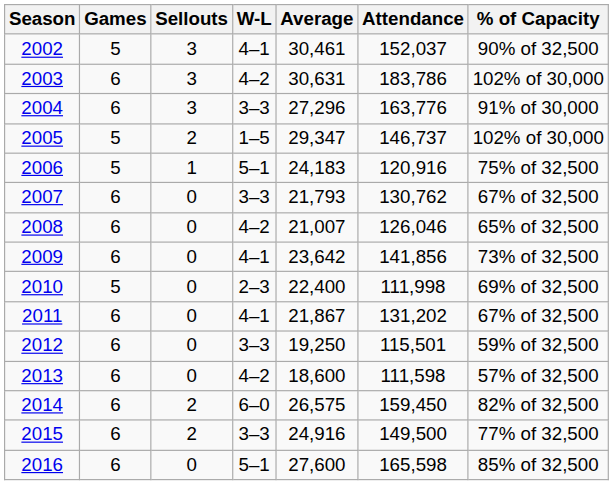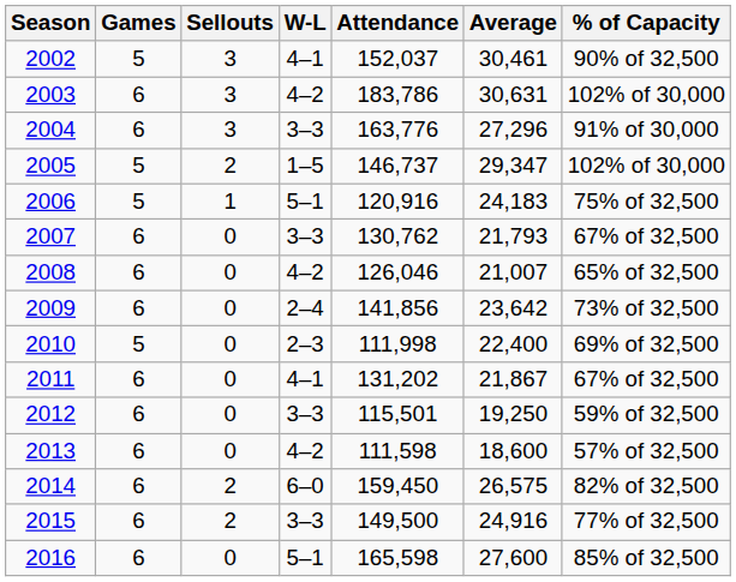 <table class="sortable wikitable" style="text-align:center">
 <tr>
 <th>Season</th>
 <th>Games</th>
 <th>Sellouts</th>
 <th>W-L</th>
+<th>Attendance</th>
 <th>Average</th>
-<th>Attendance</th>
 <th>% of Capacity</th>
 </tr>
 <tr>
 <td><a href='#'>2002</a></td>
 <td>5</td>
 <td>3</td>
 <td>4–1</td>
+<td>152,037</td>
 <td>30,461</td>
-<td>152,037</td>
 <td>90% of 32,500</td>
 </tr>
 <tr>
 <td><a href='#'>2003</a></td>
 <td>6</td>
 <td>3</td>
 <td>4–2</td>
+<td>183,786</td>
 <td>30,631</td>
-<td>183,786</td>
 <td>102% of 30,000</td>
 </tr>
 <tr>
 <td><a href='#'>2004</a></td>
 <td>6</td>
 <td>3</td>
 <td>3–3</td>
+<td>163,776</td>
 <td>27,296</td>
-<td>163,776</td>
 <td>91% of 30,000</td>
 </tr>
 <tr>
 <td><a href='#'>2005</a></td>
 <td>5</td>
 <td>2</td>
 <td>1–5</td>
+<td>146,737</td>
 <td>29,347</td>
-<td>146,737</td>
 <td>102% of 30,000</td>
 </tr>
 <tr>
 <td><a href='#'>2006</a></td>
 <td>5</td>
 <td>1</td>
 <td>5–1</td>
+<td>120,916</td>
 <td>24,183</td>
-<td>120,916</td>
 <td>75% of 32,500</td>
 </tr>
 <tr>
 <td><a href='#'>2007</a></td>
 <td>6</td>
 <td>0</td>
 <td>3–3</td>
+<td>130,762</td>
 <td>21,793</td>
-<td>130,762</td>
 <td>67% of 32,500</td>
 </tr>
 <tr>
 <td><a href='#'>2008</a></td>
 <td>6</td>
 <td>0</td>
 <td>4–2</td>
+<td>126,046</td>
 <td>21,007</td>
-<td>126,046</td>
 <td>65% of 32,500</td>
 </tr>
 <tr>
 <td><a href='#'>2009</a></td>
 <td>6</td>
 <td>0</td>
-<td>4–1</td>
+<td>2–4</td>
+<td>141,856</td>
 <td>23,642</td>
-<td>141,856</td>
 <td>73% of 32,500</td>
 </tr>
 <tr>
 <td><a href='#'>2010</a></td>
 <td>5</td>
 <td>0</td>
 <td>2–3</td>
+<td>111,998</td>
 <td>22,400</td>
-<td>111,998</td>
 <td>69% of 32,500</td>
 </tr>
 <tr>
 <td><a href='#'>2011</a></td>
 <td>6</td>
 <td>0</td>
 <td>4–1</td>
+<td>131,202</td>
 <td>21,867</td>
-<td>131,202</td>
 <td>67% of 32,500</td>
 </tr>
 <tr>
 <td><a href='#'>2012</a></td>
 <td>6</td>
 <td>0</td>
 <td>3–3</td>
+<td>115,501</td>
 <td>19,250</td>
-<td>115,501</td>
 <td>59% of 32,500</td>
 </tr>
 <tr>
 <td><a href='#'>2013</a></td>
 <td>6</td>
 <td>0</td>
 <td>4–2</td>
+<td>111,598</td>
 <td>18,600</td>
-<td>111,598</td>
 <td>57% of 32,500</td>
 </tr>
 <tr>
 <td><a href='#'>2014</a></td>
 <td>6</td>
 <td>2</td>
 <td>6–0</td>
+<td>159,450</td>
 <td>26,575</td>
-<td>159,450</td>
 <td>82% of 32,500</td>
 </tr>
 <tr>
 <td><a href='#'>2015</a></td>
 <td>6</td>
 <td>2</td>
 <td>3–3</td>
+<td>149,500</td>
 <td>24,916</td>
-<td>149,500</td>
 <td>77% of 32,500</td>
 </tr>
 <tr>
 <td><a href='#'>2016</a></td>
 <td>6</td>
 <td>0</td>
 <td>5–1</td>
+<td>165,598</td>
 <td>27,600</td>
-<td>165,598</td>
 <td>85% of 32,500</td>
 </tr>
 </table>
